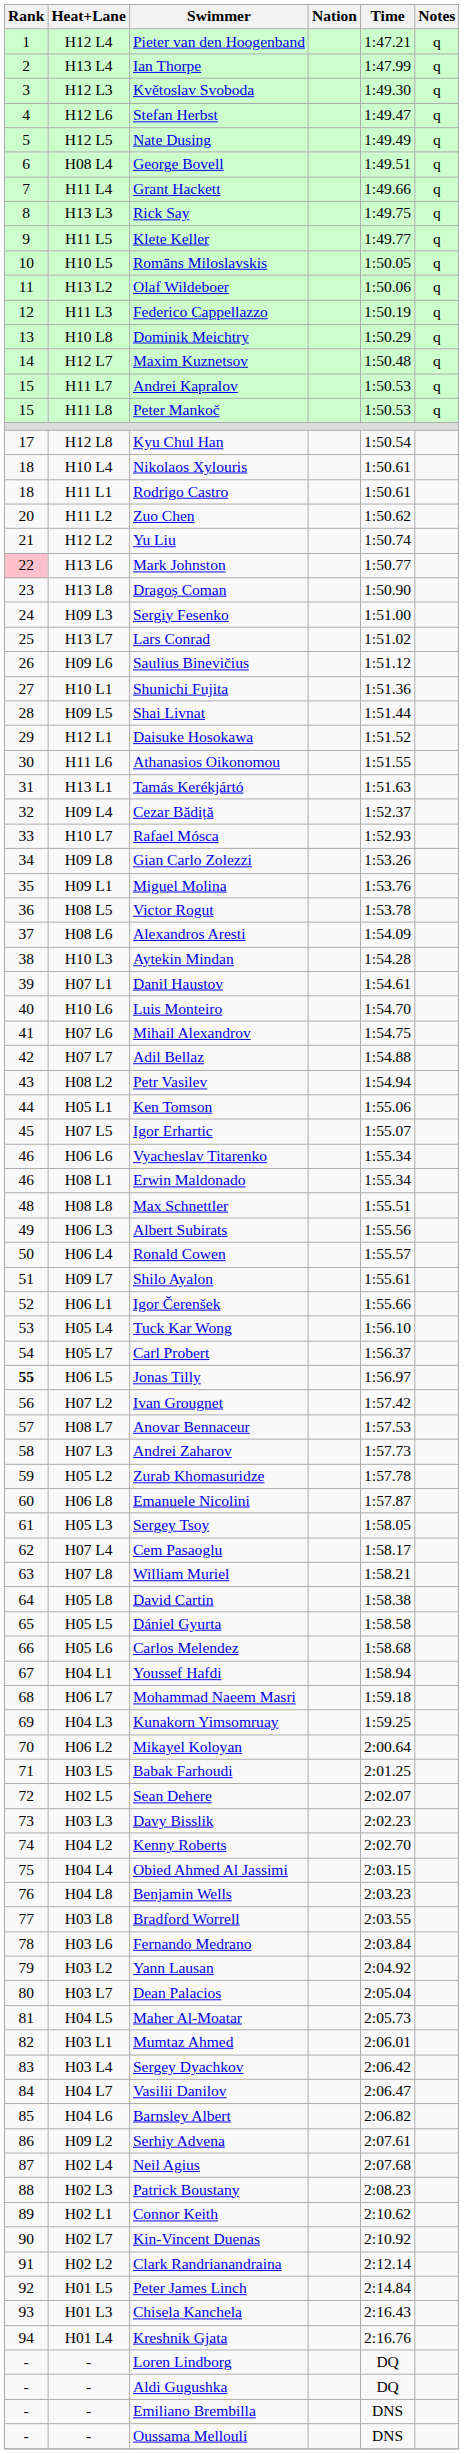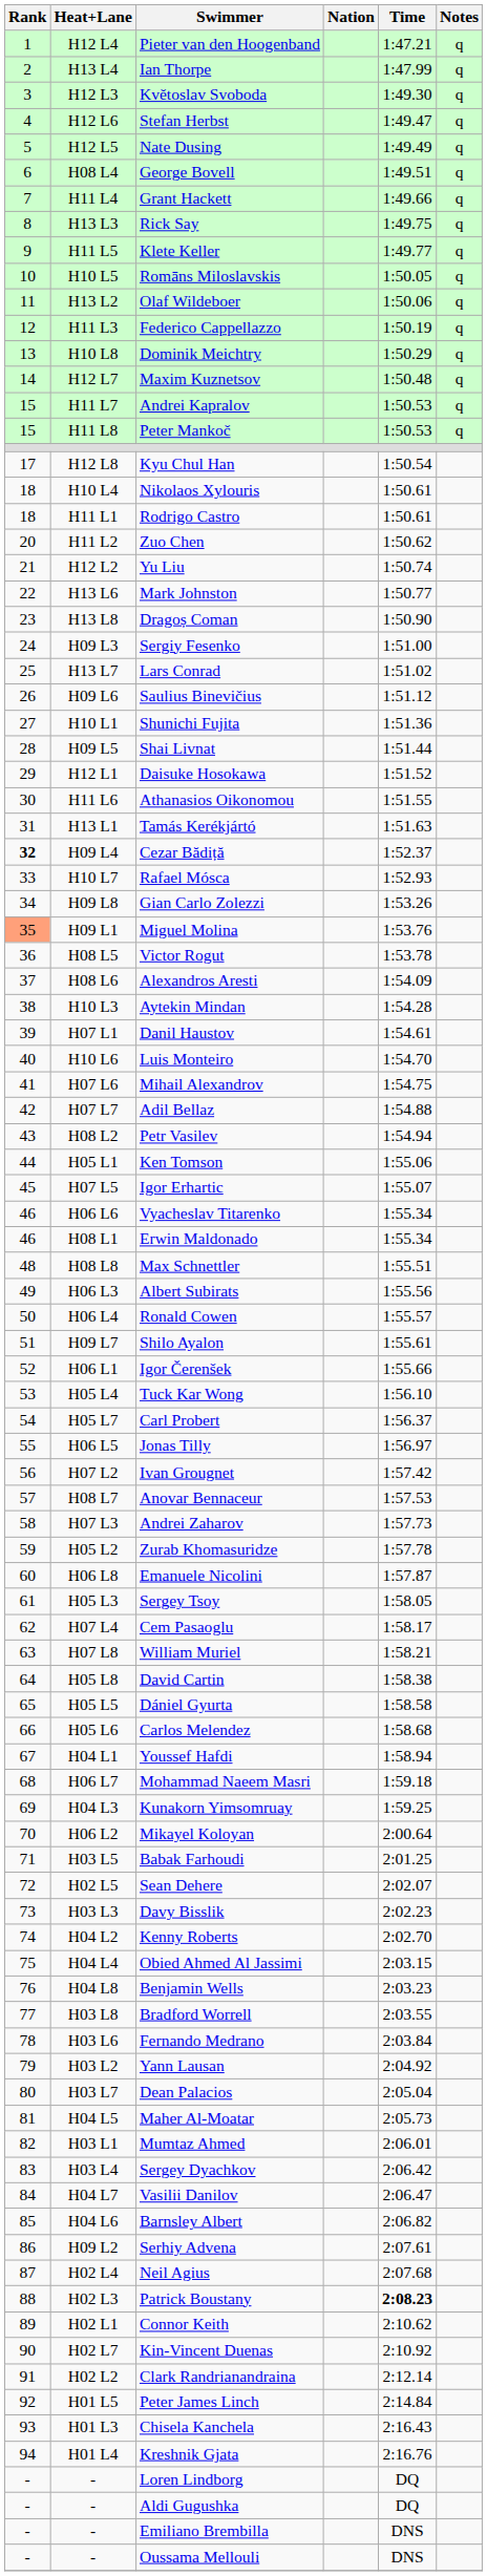 <table class="wikitable sortable" style="text-align:center">
 <tr>
 <th>Rank</th>
 <th>Heat+Lane</th>
 <th>Swimmer</th>
 <th>Nation</th>
 <th>Time</th>
 <th>Notes</th>
 </tr>
 <tr bgcolor=ccffcc>
 <td>1</td>
 <td>H12 L4</td>
 <td align=left><a href='#'>Pieter van den Hoogenband</a></td>
 <td align=left></td>
 <td>1:47.21</td>
 <td>q</td>
 </tr>
 <tr bgcolor=ccffcc>
 <td>2</td>
 <td>H13 L4</td>
 <td align=left><a href='#'>Ian Thorpe</a></td>
 <td align=left></td>
 <td>1:47.99</td>
 <td>q</td>
 </tr>
 <tr bgcolor=ccffcc>
 <td>3</td>
 <td>H12 L3</td>
 <td align=left><a href='#'>Květoslav Svoboda</a></td>
 <td align=left></td>
 <td>1:49.30</td>
 <td>q</td>
 </tr>
 <tr bgcolor=ccffcc>
 <td>4</td>
 <td>H12 L6</td>
 <td align=left><a href='#'>Stefan Herbst</a></td>
 <td align=left></td>
 <td>1:49.47</td>
 <td>q</td>
 </tr>
 <tr bgcolor=ccffcc>
 <td>5</td>
 <td>H12 L5</td>
 <td align=left><a href='#'>Nate Dusing</a></td>
 <td align=left></td>
 <td>1:49.49</td>
 <td>q</td>
 </tr>
 <tr bgcolor=ccffcc>
 <td>6</td>
 <td>H08 L4</td>
 <td align=left><a href='#'>George Bovell</a></td>
 <td align=left></td>
 <td>1:49.51</td>
 <td>q</td>
 </tr>
 <tr bgcolor=ccffcc>
 <td>7</td>
 <td>H11 L4</td>
 <td align=left><a href='#'>Grant Hackett</a></td>
 <td align=left></td>
 <td>1:49.66</td>
 <td>q</td>
 </tr>
 <tr bgcolor=ccffcc>
 <td>8</td>
 <td>H13 L3</td>
 <td align=left><a href='#'>Rick Say</a></td>
 <td align=left></td>
 <td>1:49.75</td>
 <td>q</td>
 </tr>
 <tr bgcolor=ccffcc>
 <td>9</td>
 <td>H11 L5</td>
 <td align=left><a href='#'>Klete Keller</a></td>
 <td align=left></td>
 <td>1:49.77</td>
 <td>q</td>
 </tr>
 <tr bgcolor=ccffcc>
 <td>10</td>
 <td>H10 L5</td>
 <td align=left><a href='#'>Romāns Miloslavskis</a></td>
 <td align=left></td>
 <td>1:50.05</td>
 <td>q</td>
 </tr>
 <tr bgcolor=ccffcc>
 <td>11</td>
 <td>H13 L2</td>
 <td align=left><a href='#'>Olaf Wildeboer</a></td>
 <td align=left></td>
 <td>1:50.06</td>
 <td>q</td>
 </tr>
 <tr bgcolor=ccffcc>
 <td>12</td>
 <td>H11 L3</td>
 <td align=left><a href='#'>Federico Cappellazzo</a></td>
 <td align=left></td>
 <td>1:50.19</td>
 <td>q</td>
 </tr>
 <tr bgcolor=ccffcc>
 <td>13</td>
 <td>H10 L8</td>
 <td align=left><a href='#'>Dominik Meichtry</a></td>
 <td align=left></td>
 <td>1:50.29</td>
 <td>q</td>
 </tr>
 <tr bgcolor=ccffcc>
 <td>14</td>
 <td>H12 L7</td>
 <td align=left><a href='#'>Maxim Kuznetsov</a></td>
 <td align=left></td>
 <td>1:50.48</td>
 <td>q</td>
 </tr>
 <tr bgcolor=ccffcc>
 <td>15</td>
 <td>H11 L7</td>
 <td align=left><a href='#'>Andrei Kapralov</a></td>
 <td align=left></td>
 <td>1:50.53</td>
 <td>q</td>
 </tr>
 <tr bgcolor=ccffcc>
 <td>15</td>
 <td>H11 L8</td>
 <td align=left><a href='#'>Peter Mankoč</a></td>
 <td align=left></td>
 <td>1:50.53</td>
 <td>q</td>
 </tr>
 <tr bgcolor=#DDDDDD>
 <td colspan=6></td>
 </tr>
 <tr>
 <td>17</td>
 <td>H12 L8</td>
 <td align=left><a href='#'>Kyu Chul Han</a></td>
 <td align=left></td>
 <td>1:50.54</td>
 <td></td>
 </tr>
 <tr>
 <td>18</td>
 <td>H10 L4</td>
 <td align=left><a href='#'>Nikolaos Xylouris</a></td>
 <td align=left></td>
 <td>1:50.61</td>
 <td></td>
 </tr>
 <tr>
 <td>18</td>
 <td>H11 L1</td>
 <td align=left><a href='#'>Rodrigo Castro</a></td>
 <td align=left></td>
 <td>1:50.61</td>
 <td></td>
 </tr>
 <tr>
 <td>20</td>
 <td>H11 L2</td>
 <td align=left><a href='#'>Zuo Chen</a></td>
 <td align=left></td>
 <td>1:50.62</td>
 <td></td>
 </tr>
 <tr>
 <td>21</td>
 <td>H12 L2</td>
 <td align=left><a href='#'>Yu Liu</a></td>
 <td align=left></td>
 <td>1:50.74</td>
 <td></td>
 </tr>
 <tr>
-<td style="background: pink;">22</td>
+<td>22</td>
 <td>H13 L6</td>
 <td align=left><a href='#'>Mark Johnston</a></td>
 <td align=left></td>
 <td>1:50.77</td>
 <td></td>
 </tr>
 <tr>
 <td>23</td>
 <td>H13 L8</td>
 <td align=left><a href='#'>Dragoș Coman</a></td>
 <td align=left></td>
 <td>1:50.90</td>
 <td></td>
 </tr>
 <tr>
 <td>24</td>
 <td>H09 L3</td>
 <td align=left><a href='#'>Sergiy Fesenko</a></td>
 <td align=left></td>
 <td>1:51.00</td>
 <td></td>
 </tr>
 <tr>
 <td>25</td>
 <td>H13 L7</td>
 <td align=left><a href='#'>Lars Conrad</a></td>
 <td align=left></td>
 <td>1:51.02</td>
 <td></td>
 </tr>
 <tr>
 <td>26</td>
 <td>H09 L6</td>
 <td align=left><a href='#'>Saulius Binevičius</a></td>
 <td align=left></td>
 <td>1:51.12</td>
 <td></td>
 </tr>
 <tr>
 <td>27</td>
 <td>H10 L1</td>
 <td align=left><a href='#'>Shunichi Fujita</a></td>
 <td align=left></td>
 <td>1:51.36</td>
 <td></td>
 </tr>
 <tr>
 <td>28</td>
 <td>H09 L5</td>
 <td align=left><a href='#'>Shai Livnat</a></td>
 <td align=left></td>
 <td>1:51.44</td>
 <td></td>
 </tr>
 <tr>
 <td>29</td>
 <td>H12 L1</td>
 <td align=left><a href='#'>Daisuke Hosokawa</a></td>
 <td align=left></td>
 <td>1:51.52</td>
 <td></td>
 </tr>
 <tr>
 <td>30</td>
 <td>H11 L6</td>
 <td align=left><a href='#'>Athanasios Oikonomou</a></td>
 <td align=left></td>
 <td>1:51.55</td>
 <td></td>
 </tr>
 <tr>
 <td>31</td>
 <td>H13 L1</td>
 <td align=left><a href='#'>Tamás Kerékjártó</a></td>
 <td align=left></td>
 <td>1:51.63</td>
 <td></td>
 </tr>
 <tr>
-<td>32</td>
+<td><strong>32</strong></td>
 <td>H09 L4</td>
 <td align=left><a href='#'>Cezar Bădiță</a></td>
 <td align=left></td>
 <td>1:52.37</td>
 <td></td>
 </tr>
 <tr>
 <td>33</td>
 <td>H10 L7</td>
 <td align=left><a href='#'>Rafael Mósca</a></td>
 <td align=left></td>
 <td>1:52.93</td>
 <td></td>
 </tr>
 <tr>
 <td>34</td>
 <td>H09 L8</td>
 <td align=left><a href='#'>Gian Carlo Zolezzi</a></td>
 <td align=left></td>
 <td>1:53.26</td>
 <td></td>
 </tr>
 <tr>
-<td>35</td>
+<td style="background: lightsalmon;">35</td>
 <td>H09 L1</td>
 <td align=left><a href='#'>Miguel Molina</a></td>
 <td align=left></td>
 <td>1:53.76</td>
 <td></td>
 </tr>
 <tr>
 <td>36</td>
 <td>H08 L5</td>
 <td align=left><a href='#'>Victor Rogut</a></td>
 <td align=left></td>
 <td>1:53.78</td>
 <td></td>
 </tr>
 <tr>
 <td>37</td>
 <td>H08 L6</td>
 <td align=left><a href='#'>Alexandros Aresti</a></td>
 <td align=left></td>
 <td>1:54.09</td>
 <td></td>
 </tr>
 <tr>
 <td>38</td>
 <td>H10 L3</td>
 <td align=left><a href='#'>Aytekin Mindan</a></td>
 <td align=left></td>
 <td>1:54.28</td>
 <td></td>
 </tr>
 <tr>
 <td>39</td>
 <td>H07 L1</td>
 <td align=left><a href='#'>Danil Haustov</a></td>
 <td align=left></td>
 <td>1:54.61</td>
 <td></td>
 </tr>
 <tr>
 <td>40</td>
 <td>H10 L6</td>
 <td align=left><a href='#'>Luis Monteiro</a></td>
 <td align=left></td>
 <td>1:54.70</td>
 <td></td>
 </tr>
 <tr>
 <td>41</td>
 <td>H07 L6</td>
 <td align=left><a href='#'>Mihail Alexandrov</a></td>
 <td align=left></td>
 <td>1:54.75</td>
 <td></td>
 </tr>
 <tr>
 <td>42</td>
 <td>H07 L7</td>
 <td align=left><a href='#'>Adil Bellaz</a></td>
 <td align=left></td>
 <td>1:54.88</td>
 <td></td>
 </tr>
 <tr>
 <td>43</td>
 <td>H08 L2</td>
 <td align=left><a href='#'>Petr Vasilev</a></td>
 <td align=left></td>
 <td>1:54.94</td>
 <td></td>
 </tr>
 <tr>
 <td>44</td>
 <td>H05 L1</td>
 <td align=left><a href='#'>Ken Tomson</a></td>
 <td align=left></td>
 <td>1:55.06</td>
 <td></td>
 </tr>
 <tr>
 <td>45</td>
 <td>H07 L5</td>
 <td align=left><a href='#'>Igor Erhartic</a></td>
 <td align=left></td>
 <td>1:55.07</td>
 <td></td>
 </tr>
 <tr>
 <td>46</td>
 <td>H06 L6</td>
 <td align=left><a href='#'>Vyacheslav Titarenko</a></td>
 <td align=left></td>
 <td>1:55.34</td>
 <td></td>
 </tr>
 <tr>
 <td>46</td>
 <td>H08 L1</td>
 <td align=left><a href='#'>Erwin Maldonado</a></td>
 <td align=left></td>
 <td>1:55.34</td>
 <td></td>
 </tr>
 <tr>
 <td>48</td>
 <td>H08 L8</td>
 <td align=left><a href='#'>Max Schnettler</a></td>
 <td align=left></td>
 <td>1:55.51</td>
 <td></td>
 </tr>
 <tr>
 <td>49</td>
 <td>H06 L3</td>
 <td align=left><a href='#'>Albert Subirats</a></td>
 <td align=left></td>
 <td>1:55.56</td>
 <td></td>
 </tr>
 <tr>
 <td>50</td>
 <td>H06 L4</td>
 <td align=left><a href='#'>Ronald Cowen</a></td>
 <td align=left></td>
 <td>1:55.57</td>
 <td></td>
 </tr>
 <tr>
 <td>51</td>
 <td>H09 L7</td>
 <td align=left><a href='#'>Shilo Ayalon</a></td>
 <td align=left></td>
 <td>1:55.61</td>
 <td></td>
 </tr>
 <tr>
 <td>52</td>
 <td>H06 L1</td>
 <td align=left><a href='#'>Igor Čerenšek</a></td>
 <td align=left></td>
 <td>1:55.66</td>
 <td></td>
 </tr>
 <tr>
 <td>53</td>
 <td>H05 L4</td>
 <td align=left><a href='#'>Tuck Kar Wong</a></td>
 <td align=left></td>
 <td>1:56.10</td>
 <td></td>
 </tr>
 <tr>
 <td>54</td>
 <td>H05 L7</td>
 <td align=left><a href='#'>Carl Probert</a></td>
 <td align=left></td>
 <td>1:56.37</td>
 <td></td>
 </tr>
 <tr>
-<td><strong>55</strong></td>
+<td>55</td>
 <td>H06 L5</td>
 <td align=left><a href='#'>Jonas Tilly</a></td>
 <td align=left></td>
 <td>1:56.97</td>
 <td></td>
 </tr>
 <tr>
 <td>56</td>
 <td>H07 L2</td>
 <td align=left><a href='#'>Ivan Grougnet</a></td>
 <td align=left></td>
 <td>1:57.42</td>
 <td></td>
 </tr>
 <tr>
 <td>57</td>
 <td>H08 L7</td>
 <td align=left><a href='#'>Anovar Bennaceur</a></td>
 <td align=left></td>
 <td>1:57.53</td>
 <td></td>
 </tr>
 <tr>
 <td>58</td>
 <td>H07 L3</td>
 <td align=left><a href='#'>Andrei Zaharov</a></td>
 <td align=left></td>
 <td>1:57.73</td>
 <td></td>
 </tr>
 <tr>
 <td>59</td>
 <td>H05 L2</td>
 <td align=left><a href='#'>Zurab Khomasuridze</a></td>
 <td align=left></td>
 <td>1:57.78</td>
 <td></td>
 </tr>
 <tr>
 <td>60</td>
 <td>H06 L8</td>
 <td align=left><a href='#'>Emanuele Nicolini</a></td>
 <td align=left></td>
 <td>1:57.87</td>
 <td></td>
 </tr>
 <tr>
 <td>61</td>
 <td>H05 L3</td>
 <td align=left><a href='#'>Sergey Tsoy</a></td>
 <td align=left></td>
 <td>1:58.05</td>
 <td></td>
 </tr>
 <tr>
 <td>62</td>
 <td>H07 L4</td>
 <td align=left><a href='#'>Cem Pasaoglu</a></td>
 <td align=left></td>
 <td>1:58.17</td>
 <td></td>
 </tr>
 <tr>
 <td>63</td>
 <td>H07 L8</td>
 <td align=left><a href='#'>William Muriel</a></td>
 <td align=left></td>
 <td>1:58.21</td>
 <td></td>
 </tr>
 <tr>
 <td>64</td>
 <td>H05 L8</td>
 <td align=left><a href='#'>David Cartin</a></td>
 <td align=left></td>
 <td>1:58.38</td>
 <td></td>
 </tr>
 <tr>
 <td>65</td>
 <td>H05 L5</td>
 <td align=left><a href='#'>Dániel Gyurta</a></td>
 <td align=left></td>
 <td>1:58.58</td>
 <td></td>
 </tr>
 <tr>
 <td>66</td>
 <td>H05 L6</td>
 <td align=left><a href='#'>Carlos Melendez</a></td>
 <td align=left></td>
 <td>1:58.68</td>
 <td></td>
 </tr>
 <tr>
 <td>67</td>
 <td>H04 L1</td>
 <td align=left><a href='#'>Youssef Hafdi</a></td>
 <td align=left></td>
 <td>1:58.94</td>
 <td></td>
 </tr>
 <tr>
 <td>68</td>
 <td>H06 L7</td>
 <td align=left><a href='#'>Mohammad Naeem Masri</a></td>
 <td align=left></td>
 <td>1:59.18</td>
 <td></td>
 </tr>
 <tr>
 <td>69</td>
 <td>H04 L3</td>
 <td align=left><a href='#'>Kunakorn Yimsomruay</a></td>
 <td align=left></td>
 <td>1:59.25</td>
 <td></td>
 </tr>
 <tr>
 <td>70</td>
 <td>H06 L2</td>
 <td align=left><a href='#'>Mikayel Koloyan</a></td>
 <td align=left></td>
 <td>2:00.64</td>
 <td></td>
 </tr>
 <tr>
 <td>71</td>
 <td>H03 L5</td>
 <td align=left><a href='#'>Babak Farhoudi</a></td>
 <td align=left></td>
 <td>2:01.25</td>
 <td></td>
 </tr>
 <tr>
 <td>72</td>
 <td>H02 L5</td>
 <td align=left><a href='#'>Sean Dehere</a></td>
 <td align=left></td>
 <td>2:02.07</td>
 <td></td>
 </tr>
 <tr>
 <td>73</td>
 <td>H03 L3</td>
 <td align=left><a href='#'>Davy Bisslik</a></td>
 <td align=left></td>
 <td>2:02.23</td>
 <td></td>
 </tr>
 <tr>
 <td>74</td>
 <td>H04 L2</td>
 <td align=left><a href='#'>Kenny Roberts</a></td>
 <td align=left></td>
 <td>2:02.70</td>
 <td></td>
 </tr>
 <tr>
 <td>75</td>
 <td>H04 L4</td>
 <td align=left><a href='#'>Obied Ahmed Al Jassimi</a></td>
 <td align=left></td>
 <td>2:03.15</td>
 <td></td>
 </tr>
 <tr>
 <td>76</td>
 <td>H04 L8</td>
 <td align=left><a href='#'>Benjamin Wells</a></td>
 <td align=left></td>
 <td>2:03.23</td>
 <td></td>
 </tr>
 <tr>
 <td>77</td>
 <td>H03 L8</td>
 <td align=left><a href='#'>Bradford Worrell</a></td>
 <td align=left></td>
 <td>2:03.55</td>
 <td></td>
 </tr>
 <tr>
 <td>78</td>
 <td>H03 L6</td>
 <td align=left><a href='#'>Fernando Medrano</a></td>
 <td align=left></td>
 <td>2:03.84</td>
 <td></td>
 </tr>
 <tr>
 <td>79</td>
 <td>H03 L2</td>
 <td align=left><a href='#'>Yann Lausan</a></td>
 <td align=left></td>
 <td>2:04.92</td>
 <td></td>
 </tr>
 <tr>
 <td>80</td>
 <td>H03 L7</td>
 <td align=left><a href='#'>Dean Palacios</a></td>
 <td align=left></td>
 <td>2:05.04</td>
 <td></td>
 </tr>
 <tr>
 <td>81</td>
 <td>H04 L5</td>
 <td align=left><a href='#'>Maher Al-Moatar</a></td>
 <td align=left></td>
 <td>2:05.73</td>
 <td></td>
 </tr>
 <tr>
 <td>82</td>
 <td>H03 L1</td>
 <td align=left><a href='#'>Mumtaz Ahmed</a></td>
 <td align=left></td>
 <td>2:06.01</td>
 <td></td>
 </tr>
 <tr>
 <td>83</td>
 <td>H03 L4</td>
 <td align=left><a href='#'>Sergey Dyachkov</a></td>
 <td align=left></td>
 <td>2:06.42</td>
 <td></td>
 </tr>
 <tr>
 <td>84</td>
 <td>H04 L7</td>
 <td align=left><a href='#'>Vasilii Danilov</a></td>
 <td align=left></td>
 <td>2:06.47</td>
 <td></td>
 </tr>
 <tr>
 <td>85</td>
 <td>H04 L6</td>
 <td align=left><a href='#'>Barnsley Albert</a></td>
 <td align=left></td>
 <td>2:06.82</td>
 <td></td>
 </tr>
 <tr>
 <td>86</td>
 <td>H09 L2</td>
 <td align=left><a href='#'>Serhiy Advena</a></td>
 <td align=left></td>
 <td>2:07.61</td>
 <td></td>
 </tr>
 <tr>
 <td>87</td>
 <td>H02 L4</td>
 <td align=left><a href='#'>Neil Agius</a></td>
 <td align=left></td>
 <td>2:07.68</td>
 <td></td>
 </tr>
 <tr>
 <td>88</td>
 <td>H02 L3</td>
 <td align=left><a href='#'>Patrick Boustany</a></td>
 <td align=left></td>
-<td>2:08.23</td>
+<td><strong>2:08.23</strong></td>
 <td></td>
 </tr>
 <tr>
 <td>89</td>
 <td>H02 L1</td>
 <td align=left><a href='#'>Connor Keith</a></td>
 <td align=left></td>
 <td>2:10.62</td>
 <td></td>
 </tr>
 <tr>
 <td>90</td>
 <td>H02 L7</td>
 <td align=left><a href='#'>Kin-Vincent Duenas</a></td>
 <td align=left></td>
 <td>2:10.92</td>
 <td></td>
 </tr>
 <tr>
 <td>91</td>
 <td>H02 L2</td>
 <td align=left><a href='#'>Clark Randrianandraina</a></td>
 <td align=left></td>
 <td>2:12.14</td>
 <td></td>
 </tr>
 <tr>
 <td>92</td>
 <td>H01 L5</td>
 <td align=left><a href='#'>Peter James Linch</a></td>
 <td align=left></td>
 <td>2:14.84</td>
 <td></td>
 </tr>
 <tr>
 <td>93</td>
 <td>H01 L3</td>
 <td align=left><a href='#'>Chisela Kanchela</a></td>
 <td align=left></td>
 <td>2:16.43</td>
 <td></td>
 </tr>
 <tr>
 <td>94</td>
 <td>H01 L4</td>
 <td align=left><a href='#'>Kreshnik Gjata</a></td>
 <td align=left></td>
 <td>2:16.76</td>
 <td></td>
 </tr>
 <tr>
 <td>-</td>
 <td>-</td>
 <td align=left><a href='#'>Loren Lindborg</a></td>
 <td align=left></td>
 <td>DQ</td>
 <td></td>
 </tr>
 <tr>
 <td>-</td>
 <td>-</td>
 <td align=left><a href='#'>Aldi Gugushka</a></td>
 <td align=left></td>
 <td>DQ</td>
 <td></td>
 </tr>
 <tr>
 <td>-</td>
 <td>-</td>
 <td align=left><a href='#'>Emiliano Brembilla</a></td>
 <td align=left></td>
 <td>DNS</td>
 <td></td>
 </tr>
 <tr>
 <td>-</td>
 <td>-</td>
 <td align=left><a href='#'>Oussama Mellouli</a></td>
 <td align=left></td>
 <td>DNS</td>
 <td></td>
 </tr>
 <tr>
 </tr>
 </table>
